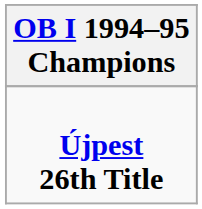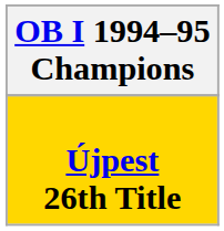 <table class="wikitable" style="text-align: center; margin: 0 auto;">
 <tr>
 <th><a href='#'>OB I</a> 1994–95<br>Champions</th>
 </tr>
 <tr>
 </tr>
 <tr>
-<td> <br><strong><a href='#'>Újpest</a></strong><br><strong>26th Title</strong></td>
+<td style="background: gold;"> <br><strong><a href='#'>Újpest</a></strong><br><strong>26th Title</strong></td>
 </tr>
 </table>
